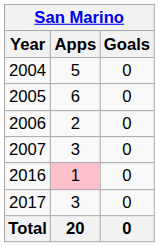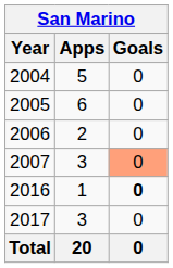 <table class="wikitable" style="text-align:center">
 <tr>
 <th colspan=3><a href='#'>San Marino</a></th>
 </tr>
 <tr>
 <th>Year</th>
 <th>Apps</th>
 <th>Goals</th>
 </tr>
 <tr>
 <td>2004</td>
 <td>5</td>
 <td>0</td>
 </tr>
 <tr>
 <td>2005</td>
 <td>6</td>
 <td>0</td>
 </tr>
 <tr>
 <td>2006</td>
 <td>2</td>
 <td>0</td>
 </tr>
 <tr>
 <td>2007</td>
 <td>3</td>
-<td>0</td>
+<td style="background: lightsalmon;">0</td>
 </tr>
 <tr>
 <td>2016</td>
-<td style="background: pink;">1</td>
-<td>0</td>
+<td>1</td>
+<td><strong>0</strong></td>
 </tr>
 <tr>
 <td>2017</td>
 <td>3</td>
 <td>0</td>
 </tr>
 <tr>
 <th>Total</th>
 <th>20</th>
 <th>0</th>
 </tr>
 </table>
